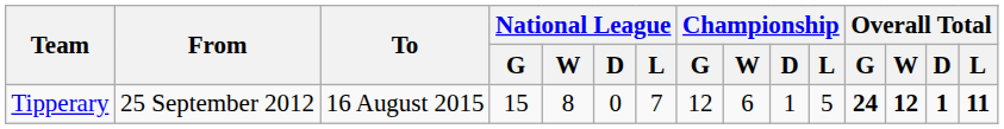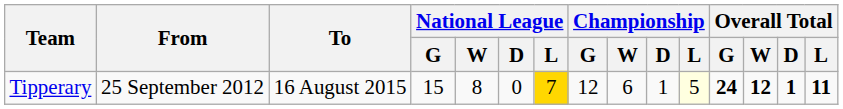 <table class="wikitable" style="text-align:center">
 <tr>
 <th rowspan="2">Team</th>
 <th rowspan="2">From</th>
 <th rowspan="2">To</th>
 <th colspan="4"><a href='#'>National League</a></th>
 <th colspan="4"><a href='#'>Championship</a></th>
 <th colspan="4">Overall Total</th>
 </tr>
 <tr>
 <th>G</th>
 <th>W</th>
 <th>D</th>
 <th>L</th>
 <th>G</th>
 <th>W</th>
 <th>D</th>
 <th>L</th>
 <th>G</th>
 <th>W</th>
 <th>D</th>
 <th>L</th>
 </tr>
 <tr>
 <td rowspan="1"><a href='#'>Tipperary</a></td>
 <td>25 September 2012</td>
 <td>16 August 2015</td>
 <td>15</td>
 <td>8</td>
 <td>0</td>
-<td>7</td>
+<td style="background: gold;">7</td>
 <td>12</td>
 <td>6</td>
 <td>1</td>
-<td>5</td>
+<td style="background: lightyellow;">5</td>
 <td><strong>24</strong></td>
 <td><strong>12</strong></td>
 <td><strong>1</strong></td>
 <td><strong>11</strong></td>
 </tr>
 </table>
